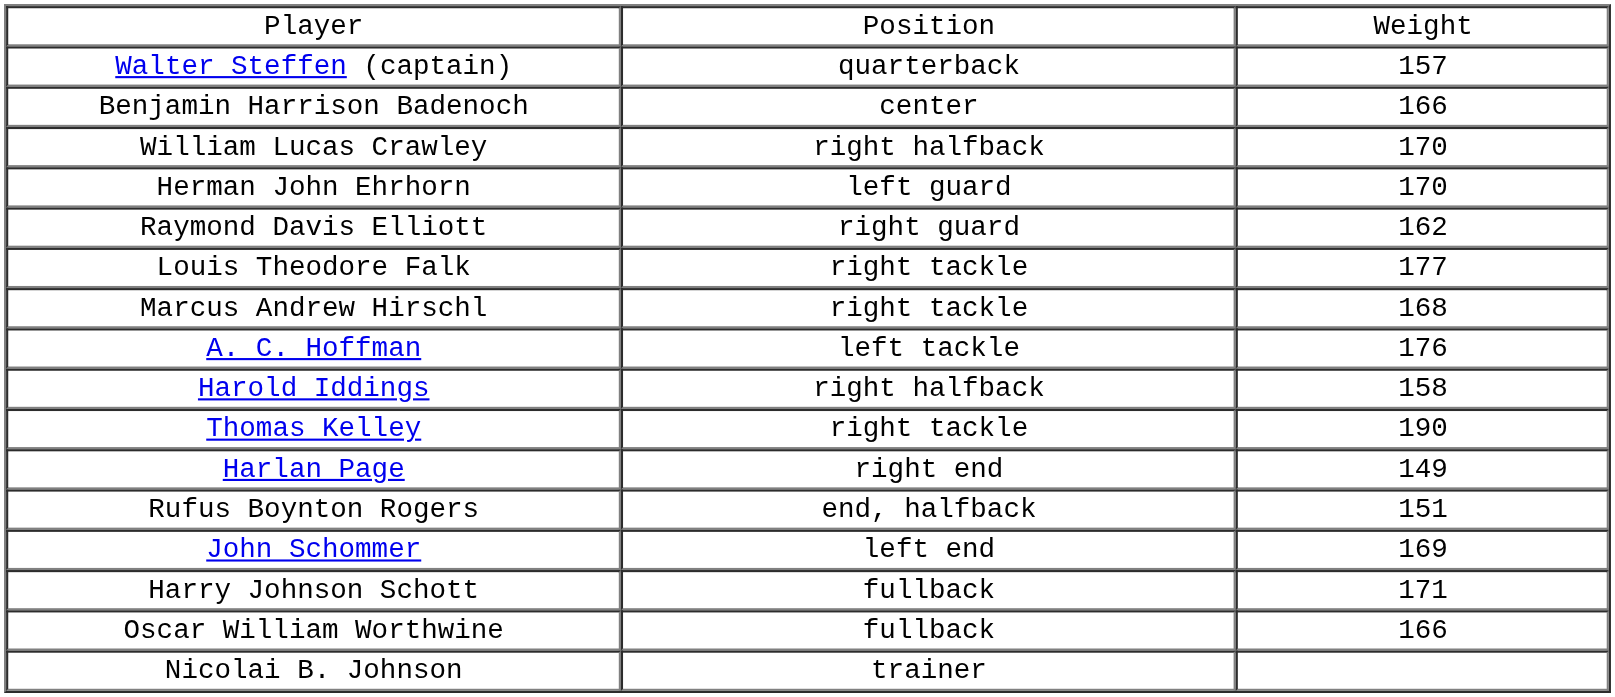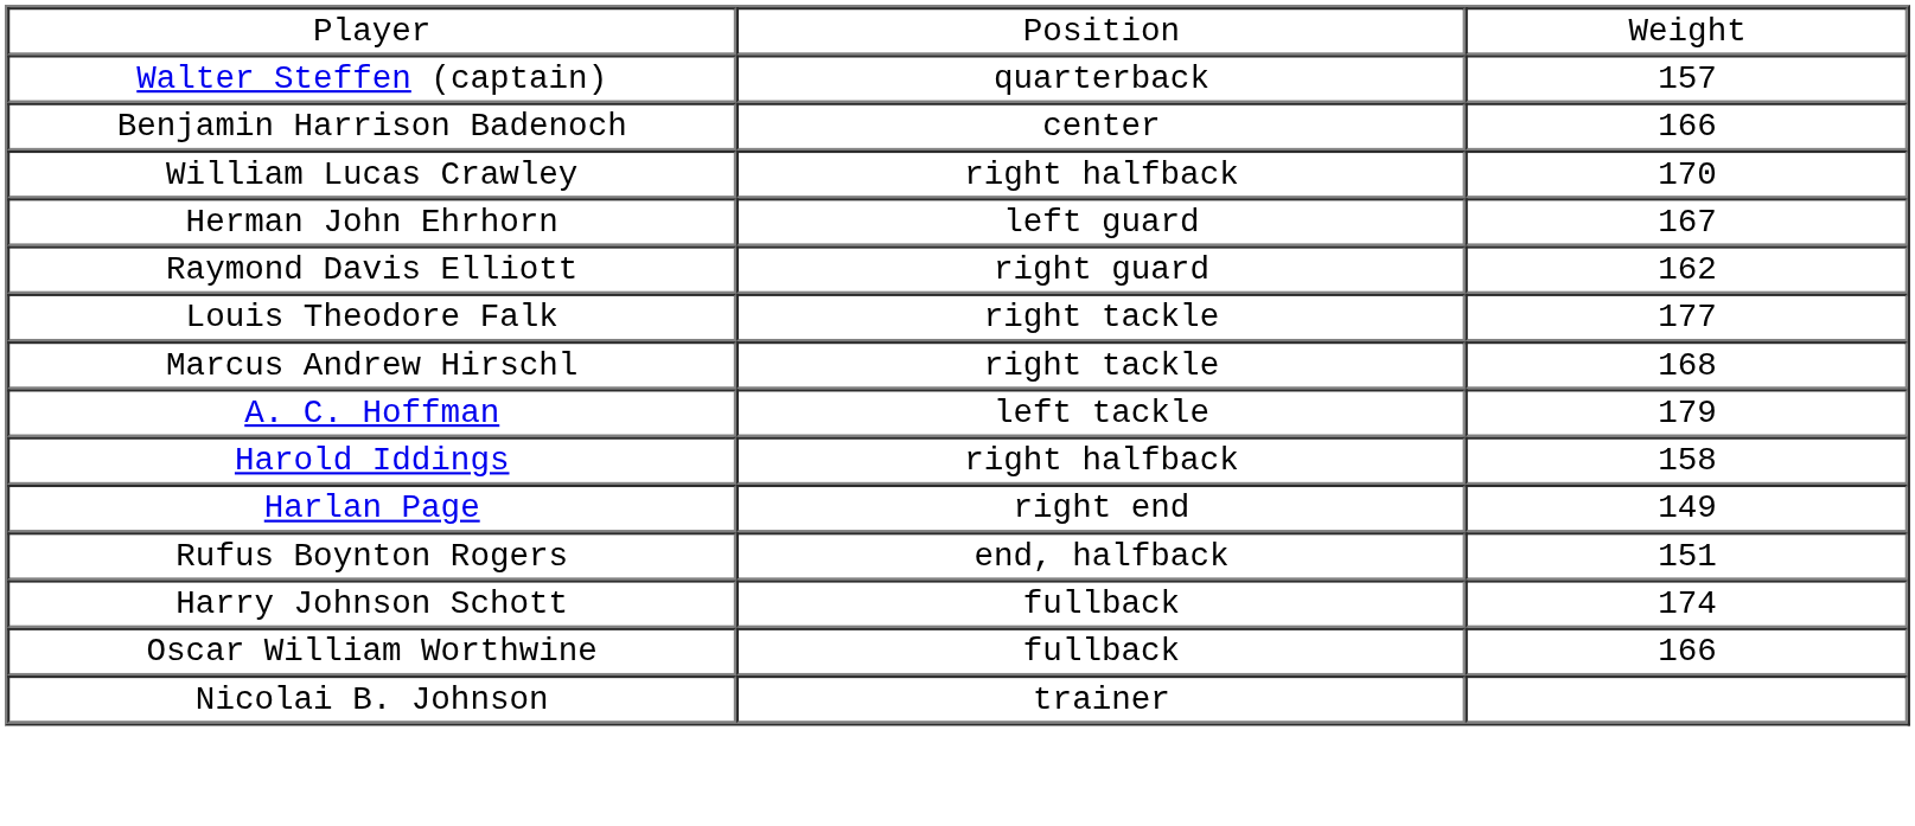 <table cellpadding="1" border="1" cellspacing="0" width="60%" style="text-align:center;">
 <tr>
 <td>Player</td>
 <td>Position</td>
 <td>Weight</td>
 </tr>
 <tr align="center" bgcolor="">
 <td><a href='#'>Walter Steffen</a> (captain)</td>
 <td>quarterback</td>
 <td>157</td>
 </tr>
 <tr align="center" bgcolor="">
 <td>Benjamin Harrison Badenoch</td>
 <td>center</td>
 <td>166</td>
 </tr>
 <tr align="center" bgcolor="">
 <td>William Lucas Crawley</td>
 <td>right halfback</td>
 <td>170</td>
 </tr>
 <tr align="center" bgcolor="">
 <td>Herman John Ehrhorn</td>
 <td>left guard</td>
-<td>170</td>
+<td>167</td>
 </tr>
 <tr align="center" bgcolor="">
 <td width="250">Raymond Davis Elliott</td>
 <td width="250">right guard</td>
 <td width="150">162</td>
 </tr>
 <tr align="center" bgcolor="">
 <td>Louis Theodore Falk</td>
 <td>right tackle</td>
 <td>177</td>
 </tr>
 <tr align="center" bgcolor="">
 <td>Marcus Andrew Hirschl</td>
 <td>right tackle</td>
 <td>168</td>
 </tr>
 <tr align="center" bgcolor="">
 <td><a href='#'>A. C. Hoffman</a></td>
 <td>left tackle</td>
-<td>176</td>
+<td>179</td>
 </tr>
 <tr align="center" bgcolor="">
 <td><a href='#'>Harold Iddings</a></td>
 <td>right halfback</td>
 <td>158</td>
-</tr>
-<tr align="center" bgcolor="">
-<td><a href='#'>Thomas Kelley</a></td>
-<td>right tackle</td>
-<td>190</td>
 </tr>
 <tr align="center" bgcolor="">
 <td><a href='#'>Harlan Page</a></td>
 <td>right end</td>
 <td>149</td>
 </tr>
 <tr align="center" bgcolor="">
 <td>Rufus Boynton Rogers</td>
 <td>end, halfback</td>
 <td>151</td>
 </tr>
 <tr align="center" bgcolor="">
-<td><a href='#'>John Schommer</a></td>
-<td>left end</td>
-<td>169</td>
-</tr>
-<tr align="center" bgcolor="">
 <td>Harry Johnson Schott</td>
 <td>fullback</td>
-<td>171</td>
+<td>174</td>
 </tr>
 <tr align="center" bgcolor="">
 <td>Oscar William Worthwine</td>
 <td>fullback</td>
 <td>166</td>
 </tr>
 <tr align="center" bgcolor="">
 <td>Nicolai B. Johnson</td>
 <td>trainer</td>
 <td></td>
 </tr>
 <tr align="center" bgcolor="">
 </tr>
 </table>
